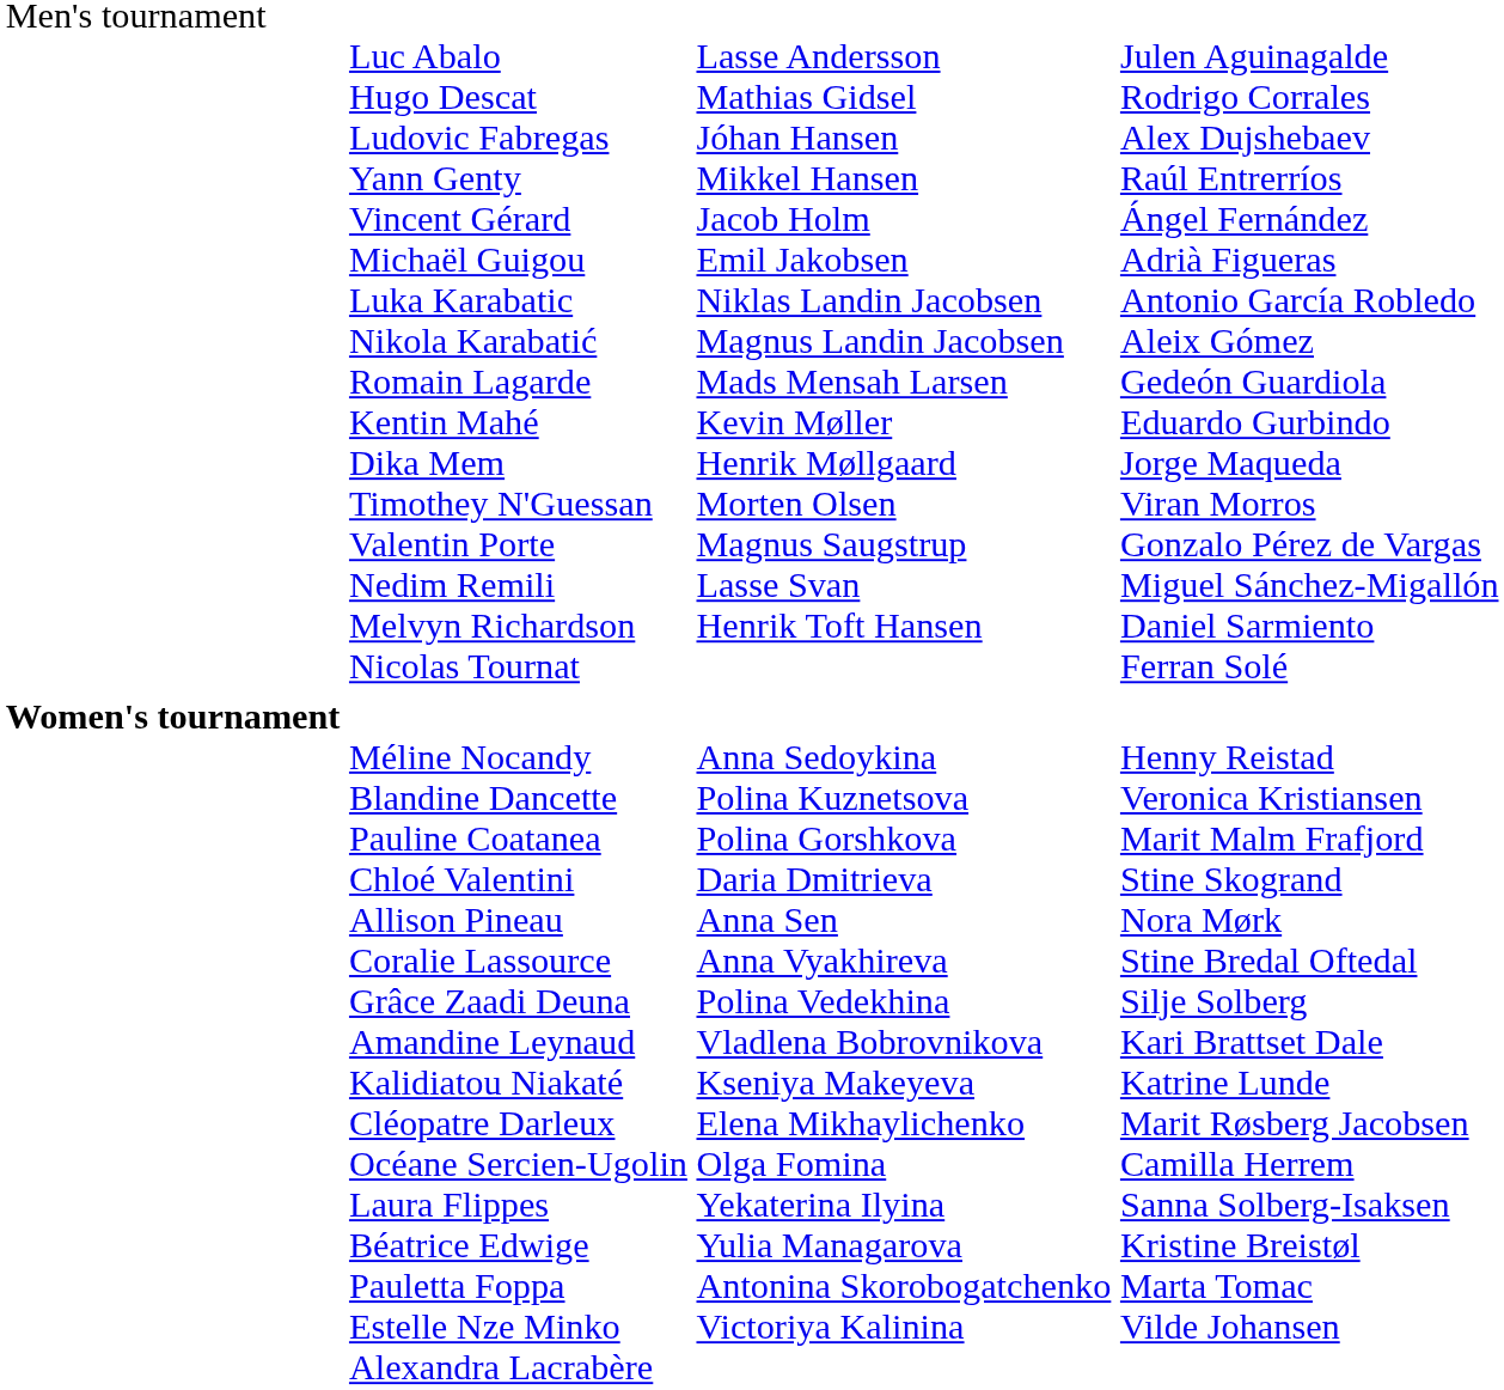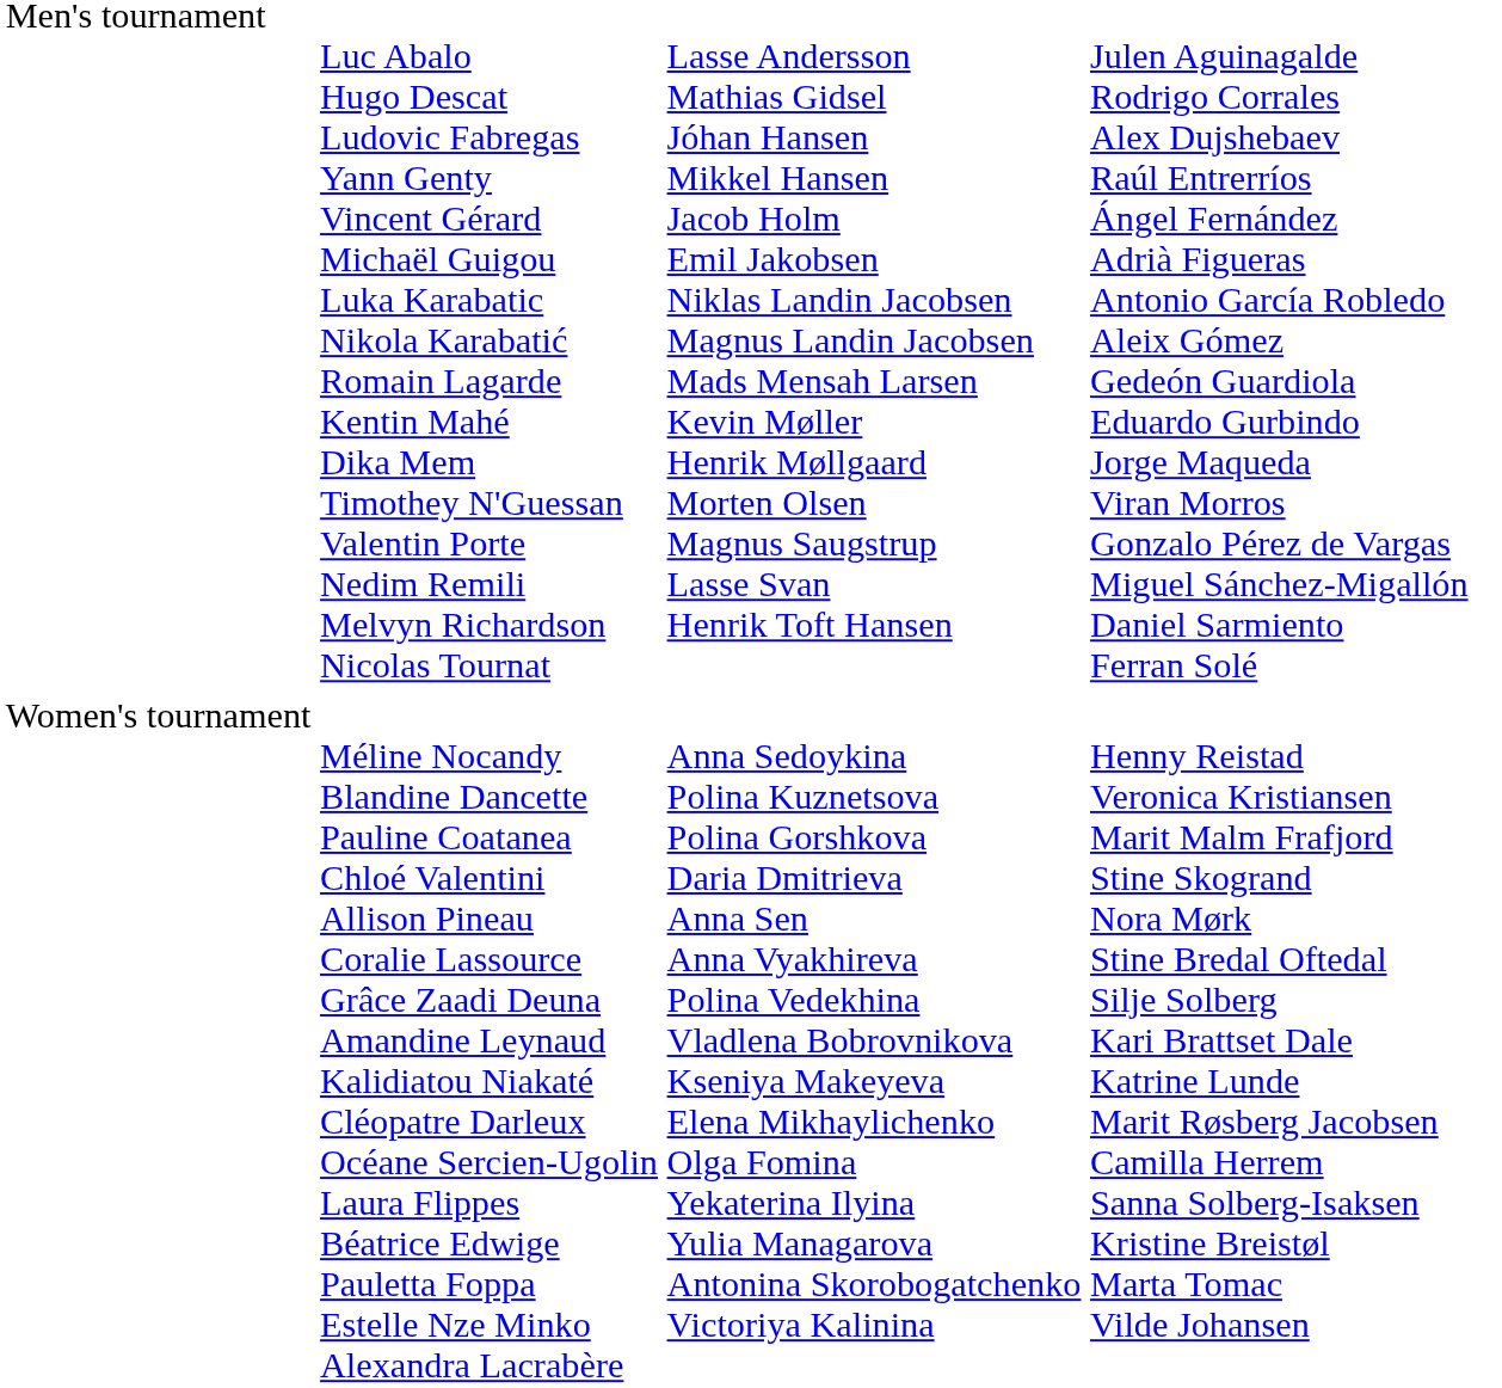 <table>
 <tr valign="top">
 <td>Men's tournament<br></td>
 <td><br><a href='#'>Luc Abalo</a><br><a href='#'>Hugo Descat</a><br><a href='#'>Ludovic Fabregas</a><br><a href='#'>Yann Genty</a><br><a href='#'>Vincent Gérard</a><br><a href='#'>Michaël Guigou</a><br><a href='#'>Luka Karabatic</a><br><a href='#'>Nikola Karabatić</a><br><a href='#'>Romain Lagarde</a><br><a href='#'>Kentin Mahé</a><br><a href='#'>Dika Mem</a><br><a href='#'>Timothey N'Guessan</a><br><a href='#'>Valentin Porte</a><br><a href='#'>Nedim Remili</a><br><a href='#'>Melvyn Richardson</a><br><a href='#'>Nicolas Tournat</a></td>
 <td><br><a href='#'>Lasse Andersson</a><br><a href='#'>Mathias Gidsel</a><br><a href='#'>Jóhan Hansen</a><br><a href='#'>Mikkel Hansen</a><br><a href='#'>Jacob Holm</a><br><a href='#'>Emil Jakobsen</a><br><a href='#'>Niklas Landin Jacobsen</a><br><a href='#'>Magnus Landin Jacobsen</a><br><a href='#'>Mads Mensah Larsen</a><br><a href='#'>Kevin Møller</a><br><a href='#'>Henrik Møllgaard</a><br><a href='#'>Morten Olsen</a><br><a href='#'>Magnus Saugstrup</a><br><a href='#'>Lasse Svan</a><br><a href='#'>Henrik Toft Hansen</a></td>
 <td><br><a href='#'>Julen Aguinagalde</a><br><a href='#'>Rodrigo Corrales</a><br><a href='#'>Alex Dujshebaev</a><br><a href='#'>Raúl Entrerríos</a><br><a href='#'>Ángel Fernández</a><br><a href='#'>Adrià Figueras</a><br><a href='#'>Antonio García Robledo</a><br><a href='#'>Aleix Gómez</a><br><a href='#'>Gedeón Guardiola</a><br><a href='#'>Eduardo Gurbindo</a><br><a href='#'>Jorge Maqueda</a><br><a href='#'>Viran Morros</a><br><a href='#'>Gonzalo Pérez de Vargas</a><br><a href='#'>Miguel Sánchez-Migallón</a><br><a href='#'>Daniel Sarmiento</a><br><a href='#'>Ferran Solé</a></td>
 </tr>
 <tr valign="top">
-<td><strong>Women's tournament<br></strong></td>
+<td>Women's tournament<br></td>
 <td><br><a href='#'>Méline Nocandy</a><br><a href='#'>Blandine Dancette</a><br><a href='#'>Pauline Coatanea</a><br><a href='#'>Chloé Valentini</a><br><a href='#'>Allison Pineau</a><br><a href='#'>Coralie Lassource</a><br><a href='#'>Grâce Zaadi Deuna</a><br><a href='#'>Amandine Leynaud</a><br><a href='#'>Kalidiatou Niakaté</a><br><a href='#'>Cléopatre Darleux</a><br><a href='#'>Océane Sercien-Ugolin</a><br><a href='#'>Laura Flippes</a><br><a href='#'>Béatrice Edwige</a><br><a href='#'>Pauletta Foppa</a><br><a href='#'>Estelle Nze Minko</a><br><a href='#'>Alexandra Lacrabère</a></td>
 <td><br><a href='#'>Anna Sedoykina</a><br><a href='#'>Polina Kuznetsova</a><br><a href='#'>Polina Gorshkova</a><br><a href='#'>Daria Dmitrieva</a><br><a href='#'>Anna Sen</a><br><a href='#'>Anna Vyakhireva</a><br><a href='#'>Polina Vedekhina</a><br><a href='#'>Vladlena Bobrovnikova</a><br><a href='#'>Kseniya Makeyeva</a><br><a href='#'>Elena Mikhaylichenko</a><br><a href='#'>Olga Fomina</a><br><a href='#'>Yekaterina Ilyina</a><br><a href='#'>Yulia Managarova</a><br><a href='#'>Antonina Skorobogatchenko</a><br><a href='#'>Victoriya Kalinina</a></td>
 <td><br><a href='#'>Henny Reistad</a><br><a href='#'>Veronica Kristiansen</a><br><a href='#'>Marit Malm Frafjord</a><br><a href='#'>Stine Skogrand</a><br><a href='#'>Nora Mørk</a><br><a href='#'>Stine Bredal Oftedal</a><br><a href='#'>Silje Solberg</a><br><a href='#'>Kari Brattset Dale</a><br><a href='#'>Katrine Lunde</a><br><a href='#'>Marit Røsberg Jacobsen</a><br><a href='#'>Camilla Herrem</a><br><a href='#'>Sanna Solberg-Isaksen</a><br><a href='#'>Kristine Breistøl</a><br><a href='#'>Marta Tomac</a><br><a href='#'>Vilde Johansen</a></td>
 </tr>
 </table>
